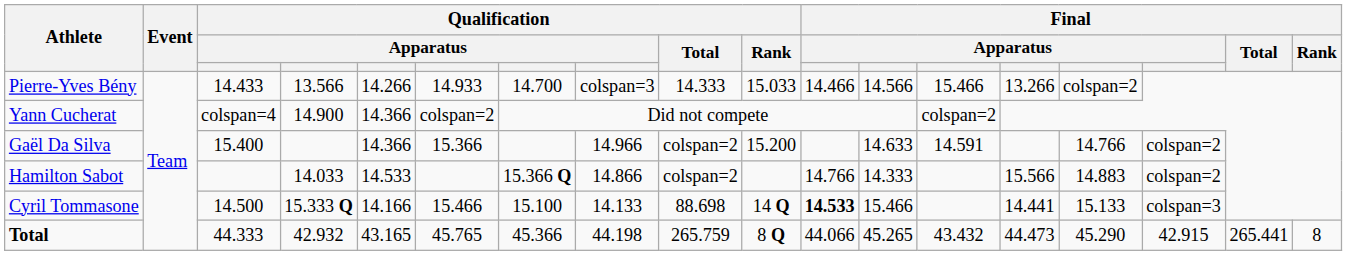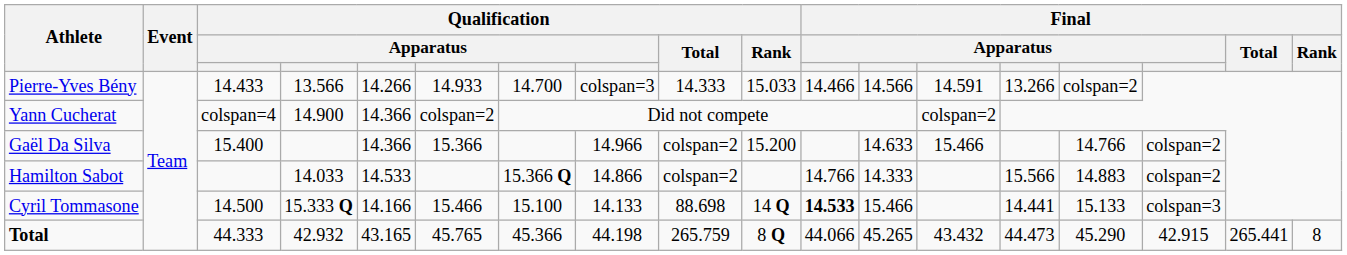 <table class="wikitable" style="font-size:90%">
 <tr>
 <th rowspan=3>Athlete</th>
 <th rowspan=3>Event</th>
 <th colspan =8>Qualification</th>
 <th colspan =8>Final</th>
 </tr>
 <tr style="font-size:95%">
 <th colspan=6>Apparatus</th>
 <th rowspan=2>Total</th>
 <th rowspan=2>Rank</th>
 <th colspan=6>Apparatus</th>
 <th rowspan=2>Total</th>
 <th rowspan=2>Rank</th>
 </tr>
 <tr style="font-size:95%">
 <th></th>
 <th></th>
 <th></th>
 <th></th>
 <th></th>
 <th></th>
 <th></th>
 <th></th>
 <th></th>
 <th></th>
 <th></th>
 <th></th>
 </tr>
 <tr align=center>
 <td align=left><a href='#'>Pierre-Yves Bény</a></td>
 <td align=left rowspan=6><a href='#'>Team</a></td>
 <td>14.433</td>
 <td>13.566</td>
 <td>14.266</td>
 <td>14.933</td>
 <td>14.700</td>
 <td>colspan=3 </td>
 <td>14.333</td>
 <td>15.033</td>
 <td>14.466</td>
 <td>14.566</td>
-<td>15.466</td>
+<td>14.591</td>
 <td>13.266</td>
 <td>colspan=2 </td>
 </tr>
 <tr align=center>
 <td align=left><a href='#'>Yann Cucherat</a></td>
 <td>colspan=4 </td>
 <td>14.900</td>
 <td>14.366</td>
 <td>colspan=2 </td>
 <td colspan=6>Did not compete</td>
 <td>colspan=2 </td>
 </tr>
 <tr align=center>
 <td align=left><a href='#'>Gaël Da Silva</a></td>
 <td>15.400</td>
 <td></td>
 <td>14.366</td>
 <td>15.366</td>
 <td></td>
 <td>14.966</td>
 <td>colspan=2 </td>
 <td>15.200</td>
 <td></td>
 <td>14.633</td>
-<td>14.591</td>
+<td>15.466</td>
 <td></td>
 <td>14.766</td>
 <td>colspan=2 </td>
 </tr>
 <tr align=center>
 <td align=left><a href='#'>Hamilton Sabot</a></td>
 <td></td>
 <td>14.033</td>
 <td>14.533</td>
 <td></td>
 <td>15.366 <strong>Q</strong></td>
 <td>14.866</td>
 <td>colspan=2 </td>
 <td></td>
 <td>14.766</td>
 <td>14.333</td>
 <td></td>
 <td>15.566</td>
 <td>14.883</td>
 <td>colspan=2 </td>
 </tr>
 <tr align=center>
 <td align=left><a href='#'>Cyril Tommasone</a></td>
 <td>14.500</td>
 <td>15.333 <strong>Q</strong></td>
 <td>14.166</td>
 <td>15.466</td>
 <td>15.100</td>
 <td>14.133</td>
 <td>88.698</td>
 <td>14 <strong>Q</strong></td>
 <td><strong>14.533</strong></td>
 <td>15.466</td>
 <td></td>
 <td>14.441</td>
 <td>15.133</td>
 <td>colspan=3 </td>
 </tr>
 <tr align=center>
 <td align=left><strong>Total</strong></td>
 <td>44.333</td>
 <td>42.932</td>
 <td>43.165</td>
 <td>45.765</td>
 <td>45.366</td>
 <td>44.198</td>
 <td>265.759</td>
 <td>8 <strong>Q</strong></td>
 <td>44.066</td>
 <td>45.265</td>
 <td>43.432</td>
 <td>44.473</td>
 <td>45.290</td>
 <td>42.915</td>
 <td>265.441</td>
 <td>8</td>
 </tr>
 </table>
